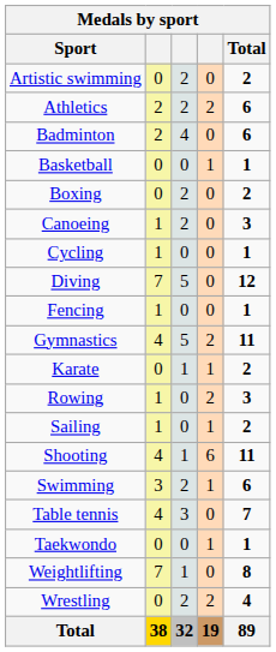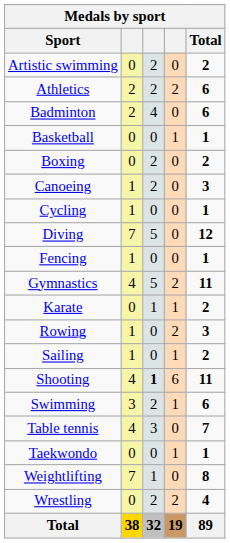 <table class="wikitable sortable" style="font-size:85%">
 <tr style="background:#efefef;">
 <th colspan=5><strong>Medals by sport</strong></th>
 </tr>
 <tr align=center>
 <th><strong>Sport</strong></th>
 <th bgcolor=#f7f6a8></th>
 <th bgcolor=#dce5e5></th>
 <th bgcolor=#ffdab9></th>
 <th><strong>Total</strong></th>
 </tr>
 <tr align=center>
 <td><a href='#'>Artistic swimming</a></td>
 <td style="background:#F7F6A8;">0</td>
 <td style="background:#DCE5E5;">2</td>
 <td style="background:#FFDAB9;">0</td>
 <td><strong>2</strong></td>
 </tr>
 <tr align=center>
 <td><a href='#'>Athletics</a></td>
 <td style="background:#F7F6A8;">2</td>
 <td style="background:#DCE5E5;">2</td>
 <td style="background:#FFDAB9;">2</td>
 <td><strong>6</strong></td>
 </tr>
 <tr align=center>
 <td><a href='#'>Badminton</a></td>
 <td style="background:#F7F6A8;">2</td>
 <td style="background:#DCE5E5;">4</td>
 <td style="background:#FFDAB9;">0</td>
 <td><strong>6</strong></td>
 </tr>
 <tr align=center>
 <td><a href='#'>Basketball</a></td>
 <td style="background:#F7F6A8;">0</td>
 <td style="background:#DCE5E5;">0</td>
 <td style="background:#FFDAB9;">1</td>
 <td><strong>1</strong></td>
 </tr>
 <tr align=center>
 <td><a href='#'>Boxing</a></td>
 <td style="background:#F7F6A8;">0</td>
 <td style="background:#DCE5E5;">2</td>
 <td style="background:#FFDAB9;">0</td>
 <td><strong>2</strong></td>
 </tr>
 <tr align=center>
 <td><a href='#'>Canoeing</a></td>
 <td style="background:#F7F6A8;">1</td>
 <td style="background:#DCE5E5;">2</td>
 <td style="background:#FFDAB9;">0</td>
 <td><strong>3</strong></td>
 </tr>
 <tr align=center>
 <td><a href='#'>Cycling</a></td>
 <td style="background:#F7F6A8;">1</td>
 <td style="background:#DCE5E5;">0</td>
 <td style="background:#FFDAB9;">0</td>
 <td><strong>1</strong></td>
 </tr>
 <tr align=center>
 <td><a href='#'>Diving</a></td>
 <td style="background:#F7F6A8;">7</td>
 <td style="background:#DCE5E5;">5</td>
 <td style="background:#FFDAB9;">0</td>
 <td><strong>12</strong></td>
 </tr>
 <tr align=center>
 <td><a href='#'>Fencing</a></td>
 <td style="background:#F7F6A8;">1</td>
 <td style="background:#DCE5E5;">0</td>
 <td style="background:#FFDAB9;">0</td>
 <td><strong>1</strong></td>
 </tr>
 <tr align=center>
 <td><a href='#'>Gymnastics</a></td>
 <td style="background:#F7F6A8;">4</td>
 <td style="background:#DCE5E5;">5</td>
 <td style="background:#FFDAB9;">2</td>
 <td><strong>11</strong></td>
 </tr>
 <tr align=center>
 <td><a href='#'>Karate</a></td>
 <td style="background:#F7F6A8;">0</td>
 <td style="background:#DCE5E5;">1</td>
 <td style="background:#FFDAB9;">1</td>
 <td><strong>2</strong></td>
 </tr>
 <tr align=center>
 <td><a href='#'>Rowing</a></td>
 <td style="background:#F7F6A8;">1</td>
 <td style="background:#DCE5E5;">0</td>
 <td style="background:#FFDAB9;">2</td>
 <td><strong>3</strong></td>
 </tr>
 <tr align=center>
 <td><a href='#'>Sailing</a></td>
 <td style="background:#F7F6A8;">1</td>
 <td style="background:#DCE5E5;">0</td>
 <td style="background:#FFDAB9;">1</td>
 <td><strong>2</strong></td>
 </tr>
 <tr align=center>
 <td><a href='#'>Shooting</a></td>
 <td style="background:#F7F6A8;">4</td>
-<td style="background:#DCE5E5;">1</td>
+<td style="background:#DCE5E5;"><strong>1</strong></td>
 <td style="background:#FFDAB9;">6</td>
 <td><strong>11</strong></td>
 </tr>
 <tr align=center>
 <td><a href='#'>Swimming</a></td>
 <td style="background:#F7F6A8;">3</td>
 <td style="background:#DCE5E5;">2</td>
 <td style="background:#FFDAB9;">1</td>
 <td><strong>6</strong></td>
 </tr>
 <tr align=center>
 <td><a href='#'>Table tennis</a></td>
 <td style="background:#F7F6A8;">4</td>
 <td style="background:#DCE5E5;">3</td>
 <td style="background:#FFDAB9;">0</td>
 <td><strong>7</strong></td>
 </tr>
 <tr align=center>
 <td><a href='#'>Taekwondo</a></td>
 <td style="background:#F7F6A8;">0</td>
 <td style="background:#DCE5E5;">0</td>
 <td style="background:#FFDAB9;">1</td>
 <td><strong>1</strong></td>
 </tr>
 <tr align=center>
 <td><a href='#'>Weightlifting</a></td>
 <td style="background:#F7F6A8;">7</td>
 <td style="background:#DCE5E5;">1</td>
 <td style="background:#FFDAB9;">0</td>
 <td><strong>8</strong></td>
 </tr>
 <tr align=center>
 <td><a href='#'>Wrestling</a></td>
 <td style="background:#F7F6A8;">0</td>
 <td style="background:#DCE5E5;">2</td>
 <td style="background:#FFDAB9;">2</td>
 <td><strong>4</strong></td>
 </tr>
 <tr align=center>
 <th>Total</th>
 <th style="background:gold;">38</th>
 <th style="background:silver;">32</th>
 <th style="background:#c96;">19</th>
 <th>89</th>
 </tr>
 </table>
